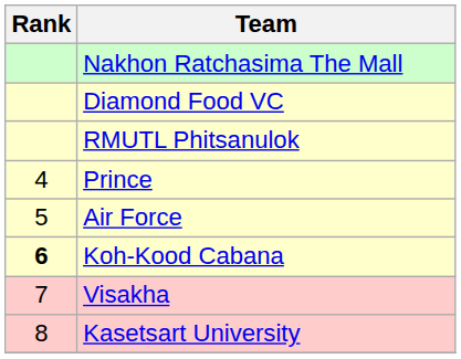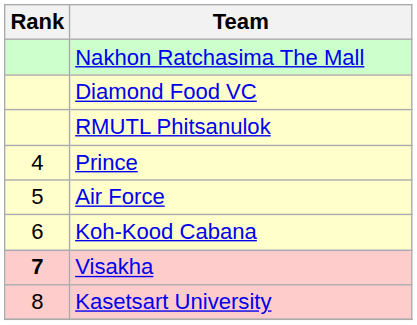 <table class="wikitable" style="text-align: center;">
 <tr>
 <th width=40>Rank</th>
 <th width=240>Team</th>
 </tr>
 <tr bgcolor=#ccffcc>
 <td></td>
 <td align=left><a href='#'>Nakhon Ratchasima The Mall</a></td>
 </tr>
 <tr bgcolor=#ffffcc>
 <td></td>
 <td align=left><a href='#'>Diamond Food VC</a></td>
 </tr>
 <tr bgcolor=#ffffcc>
 <td></td>
 <td align=left><a href='#'>RMUTL Phitsanulok</a></td>
 </tr>
 <tr bgcolor=#ffffcc>
 <td>4</td>
 <td align=left><a href='#'>Prince</a></td>
 </tr>
 <tr bgcolor=#ffffcc>
 <td>5</td>
 <td align=left><a href='#'>Air Force</a></td>
 </tr>
 <tr bgcolor=#ffffcc>
-<td><strong>6</strong></td>
+<td>6</td>
 <td align=left><a href='#'>Koh-Kood Cabana</a></td>
 </tr>
 <tr bgcolor=#ffcccc>
-<td>7</td>
+<td><strong>7</strong></td>
 <td align=left><a href='#'>Visakha</a></td>
 </tr>
 <tr bgcolor=#ffcccc>
 <td>8</td>
 <td align=left><a href='#'>Kasetsart University</a></td>
 </tr>
 <tr>
 </tr>
 </table>
